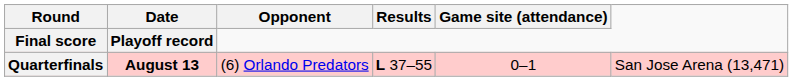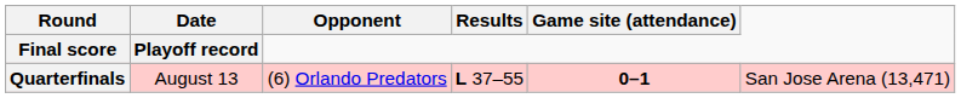 <table class="wikitable" style="font-size: 92%;" "align=center">
 <tr>
 <th>Round</th>
 <th>Date</th>
 <th>Opponent</th>
 <th>Results</th>
 <th>Game site (attendance)</th>
 </tr>
 <tr>
 <th>Final score</th>
 <th>Playoff record</th>
 </tr>
 <tr style="background:#fcc">
 <th>Quarterfinals</th>
-<td style="text-align:center;"><strong>August 13</strong></td>
+<td style="text-align:center;">August 13</td>
 <td style="text-align:center;">(6) <a href='#'>Orlando Predators</a></td>
 <td style="text-align:center;"><strong>L</strong> 37–55</td>
-<td style="text-align:center;">0–1</td>
+<td style="text-align:center;"><strong>0–1</strong></td>
 <td style="text-align:center;">San Jose Arena (13,471)</td>
 </tr>
 </table>
